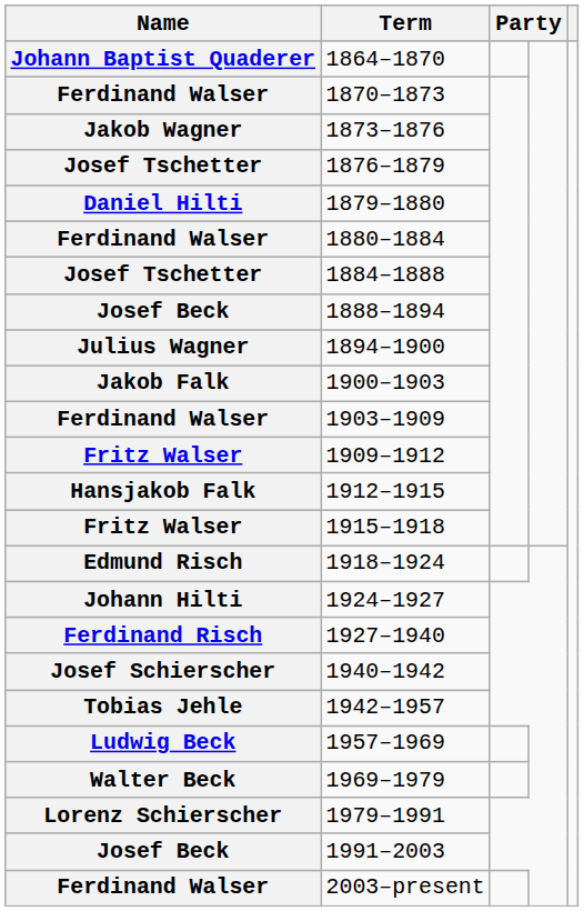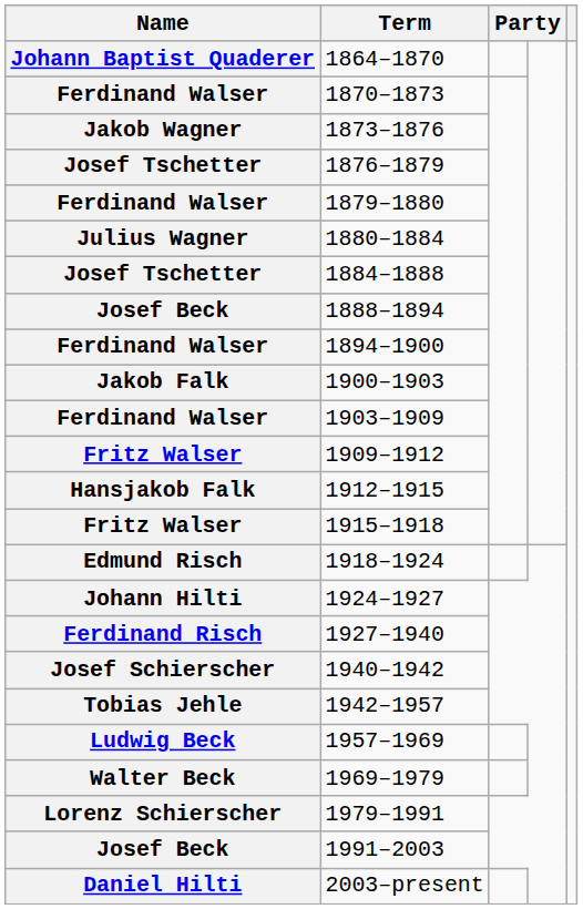 <table class="wikitable">
 <tr>
 <th scope=col>Name</th>
 <th scope="col">Term</th>
 <th colspan="2" scope="colgroup">Party</th>
 <th scope=col></th>
 </tr>
 <tr>
 <th scope=row><a href='#'>Johann Baptist Quaderer</a></th>
 <td>1864–1870</td>
 <td style="background:"></td>
 <td rowspan="14"></td>
 <td rowspan="24"></td>
 </tr>
 <tr>
 <th>Ferdinand Walser</th>
 <td>1870–1873</td>
 </tr>
 <tr>
 <th>Jakob Wagner</th>
 <td>1873–1876</td>
 </tr>
 <tr>
 <th>Josef Tschetter</th>
 <td>1876–1879</td>
 </tr>
 <tr>
-<th><a href='#'>Daniel Hilti</a></th>
+<th>Ferdinand Walser</th>
 <td>1879–1880</td>
 </tr>
 <tr>
-<th>Ferdinand Walser</th>
+<th>Julius Wagner</th>
 <td>1880–1884</td>
 </tr>
 <tr>
 <th>Josef Tschetter</th>
 <td>1884–1888</td>
 </tr>
 <tr>
 <th>Josef Beck</th>
 <td>1888–1894</td>
 </tr>
 <tr>
-<th>Julius Wagner</th>
+<th>Ferdinand Walser</th>
 <td>1894–1900</td>
 </tr>
 <tr>
 <th>Jakob Falk</th>
 <td>1900–1903</td>
 </tr>
 <tr>
 <th>Ferdinand Walser</th>
 <td>1903–1909</td>
 </tr>
 <tr>
 <th><a href='#'>Fritz Walser</a></th>
 <td>1909–1912</td>
 </tr>
 <tr>
 <th>Hansjakob Falk</th>
 <td>1912–1915</td>
 </tr>
 <tr>
 <th>Fritz Walser</th>
 <td>1915–1918</td>
 </tr>
 <tr>
 <th>Edmund Risch</th>
 <td>1918–1924</td>
 <td></td>
 </tr>
 <tr>
 <th>Johann Hilti</th>
 <td>1924–1927</td>
 </tr>
 <tr>
 <th><a href='#'>Ferdinand Risch</a></th>
 <td>1927–1940</td>
 </tr>
 <tr>
 <th>Josef Schierscher</th>
 <td>1940–1942</td>
 </tr>
 <tr>
 <th>Tobias Jehle</th>
 <td>1942–1957</td>
 </tr>
 <tr>
 <th><a href='#'>Ludwig Beck</a></th>
 <td>1957–1969</td>
 <td></td>
 </tr>
 <tr>
 <th>Walter Beck</th>
 <td>1969–1979</td>
 <td></td>
 </tr>
 <tr>
 <th>Lorenz Schierscher</th>
 <td>1979–1991</td>
 </tr>
 <tr>
 <th>Josef Beck</th>
 <td>1991–2003</td>
 </tr>
 <tr>
-<th>Ferdinand Walser</th>
+<th><a href='#'>Daniel Hilti</a></th>
 <td>2003–present</td>
 <td></td>
 </tr>
 </table>
